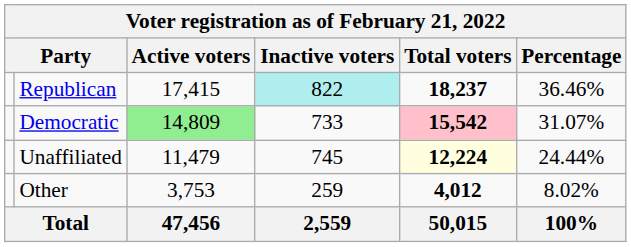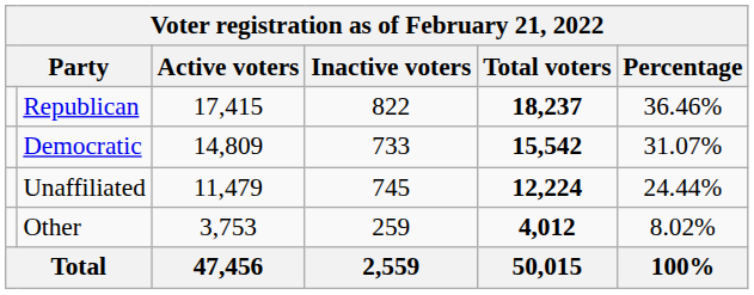 <table class=wikitable>
 <tr>
 <th colspan = 6>Voter registration as of February 21, 2022</th>
 </tr>
 <tr>
 <th colspan = 2>Party</th>
 <th>Active voters</th>
 <th>Inactive voters</th>
 <th>Total voters</th>
 <th>Percentage</th>
 </tr>
 <tr>
 <td></td>
 <td><a href='#'>Republican</a></td>
 <td style="text-align:center;">17,415</td>
-<td style="background: paleturquoise; text-align:center;">822</td>
+<td style="text-align:center;">822</td>
 <td style="text-align:center;"><strong>18,237</strong></td>
 <td style="text-align:center;">36.46%</td>
 </tr>
 <tr>
 <td></td>
 <td><a href='#'>Democratic</a></td>
-<td style="background: lightgreen; text-align:center;">14,809</td>
+<td style="text-align:center;">14,809</td>
 <td style="text-align:center;">733</td>
-<td style="background: pink; text-align:center;"><strong>15,542</strong></td>
+<td style="text-align:center;"><strong>15,542</strong></td>
 <td style="text-align:center;">31.07%</td>
 </tr>
 <tr>
 <td></td>
 <td>Unaffiliated</td>
 <td style="text-align:center;">11,479</td>
 <td style="text-align:center;">745</td>
-<td style="background: lightyellow; text-align:center;"><strong>12,224</strong></td>
+<td style="text-align:center;"><strong>12,224</strong></td>
 <td style="text-align:center;">24.44%</td>
 </tr>
 <tr>
 <td></td>
 <td>Other</td>
 <td style="text-align:center;">3,753</td>
 <td style="text-align:center;">259</td>
 <td style="text-align:center;"><strong>4,012</strong></td>
 <td style="text-align:center;">8.02%</td>
 </tr>
 <tr>
 <th colspan = 2>Total</th>
 <th style="text-align:center;">47,456</th>
 <th style="text-align:center;">2,559</th>
 <th style="text-align:center;"><strong>50,015</strong></th>
 <th style="text-align:center;">100%</th>
 </tr>
 </table>
